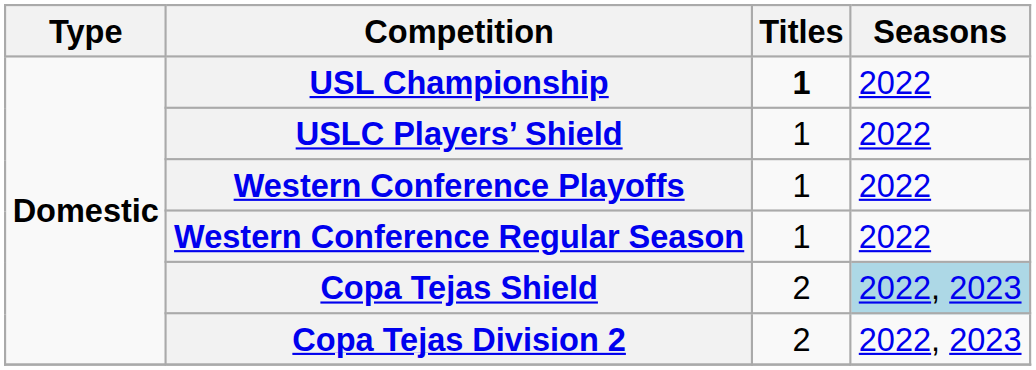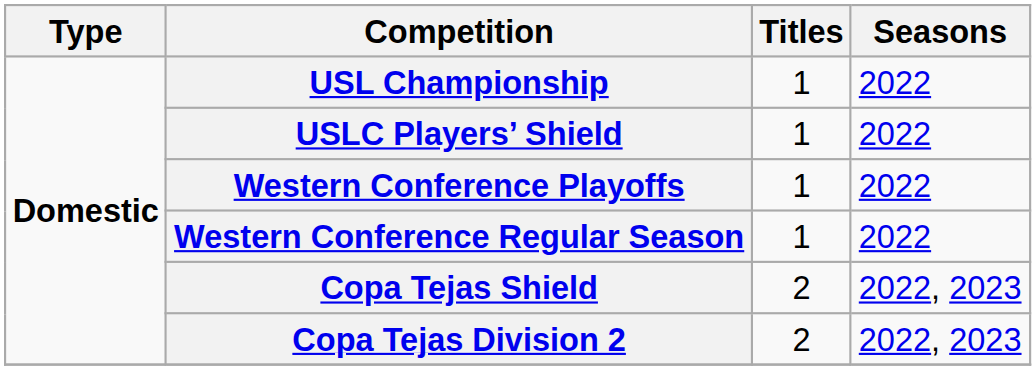 <table class="wikitable plainrowheaders" style="font-size:95%; text-align:center;">
 <tr>
 <th>Type</th>
 <th>Competition</th>
 <th>Titles</th>
 <th>Seasons</th>
 </tr>
 <tr>
 <td rowspan="6"><strong>Domestic</strong></td>
 <th scope=col><a href='#'>USL Championship</a></th>
-<td align="center"><strong>1</strong></td>
+<td align="center">1</td>
 <td align="left"><a href='#'>2022</a></td>
 </tr>
 <tr>
 <th scope=col><a href='#'>USLC Players’ Shield</a></th>
 <td align="center">1</td>
 <td align="left"><a href='#'>2022</a></td>
 </tr>
 <tr>
 <th scope=col><a href='#'>Western Conference Playoffs</a></th>
 <td align="center">1</td>
 <td align="left"><a href='#'>2022</a></td>
 </tr>
 <tr>
 <th scope=col><a href='#'>Western Conference Regular Season</a></th>
 <td align="center">1</td>
 <td align="left"><a href='#'>2022</a></td>
 </tr>
 <tr>
 <th scope=col><a href='#'>Copa Tejas Shield</a></th>
 <td align="center">2</td>
-<td align="left" style="background: lightblue;"><a href='#'>2022</a>, <a href='#'>2023</a></td>
+<td align="left"><a href='#'>2022</a>, <a href='#'>2023</a></td>
 </tr>
 <tr>
 <th scope=col><a href='#'>Copa Tejas Division 2</a></th>
 <td align="center">2</td>
 <td align="left"><a href='#'>2022</a>, <a href='#'>2023</a></td>
 </tr>
 <tr>
 </tr>
 </table>
